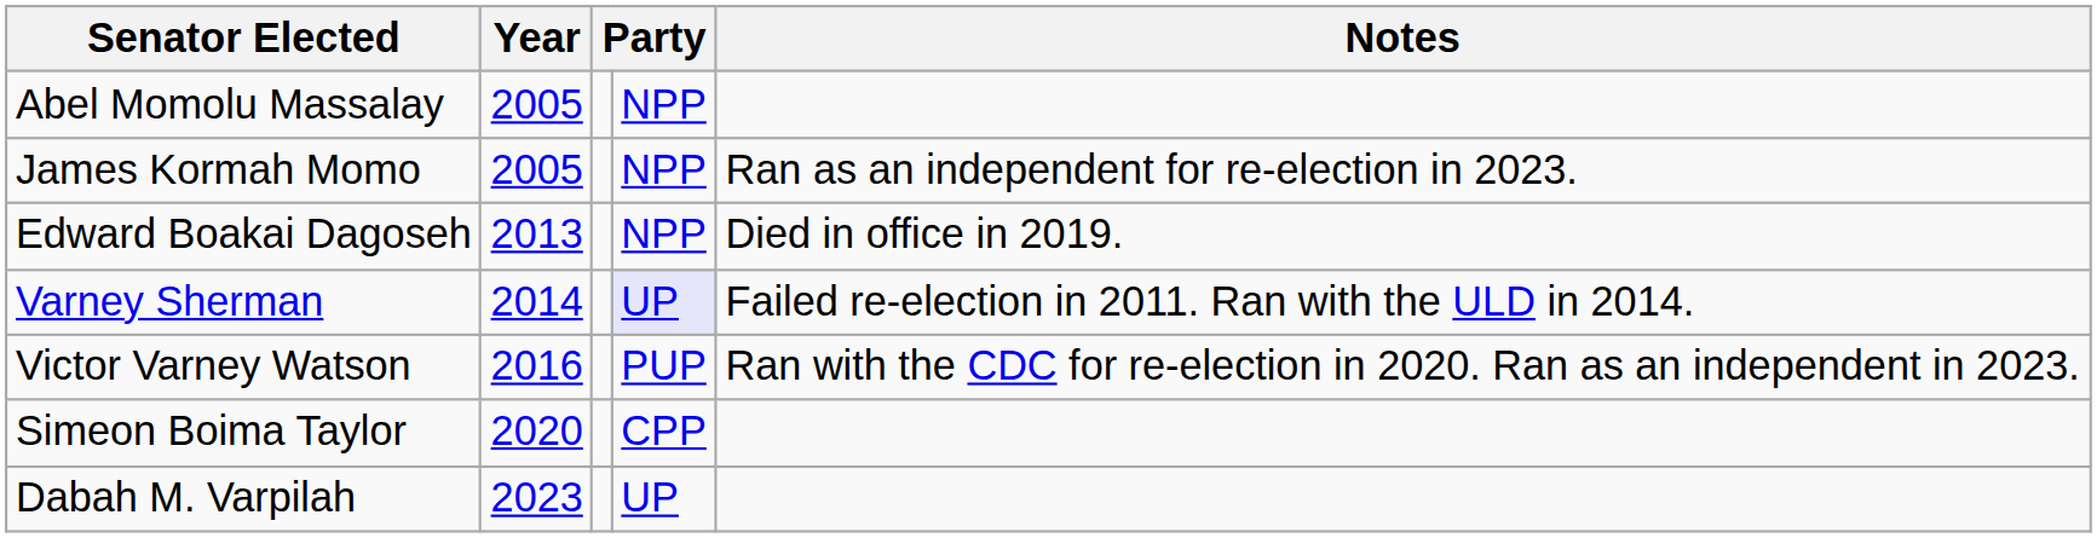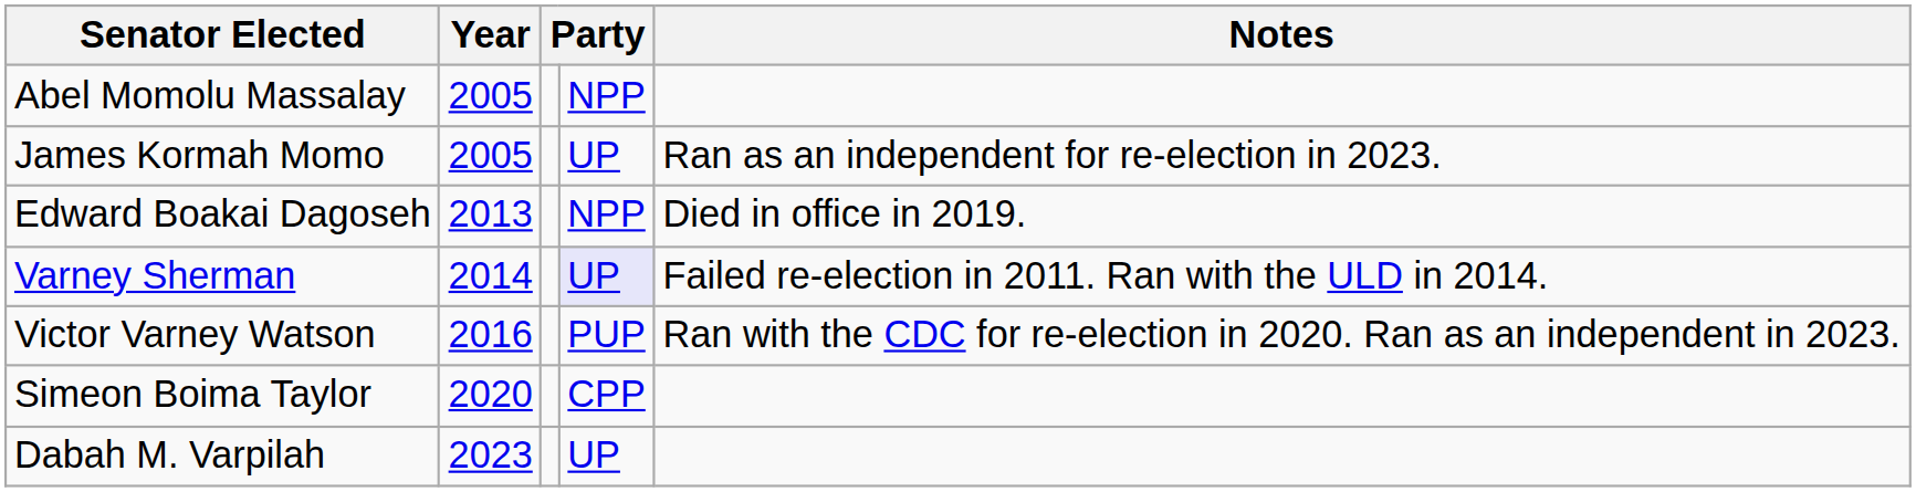 <table class="wikitable">
 <tr>
 <th>Senator Elected</th>
 <th>Year</th>
 <th colspan=2>Party</th>
 <th>Notes</th>
 </tr>
 <tr>
 <td>Abel Momolu Massalay</td>
 <td><a href='#'>2005</a></td>
 <td></td>
 <td><a href='#'>NPP</a></td>
 <td></td>
 </tr>
 <tr>
 <td>James Kormah Momo</td>
 <td><a href='#'>2005</a></td>
 <td></td>
-<td><a href='#'>NPP</a></td>
+<td><a href='#'>UP</a></td>
 <td>Ran as an independent for re-election in 2023.</td>
 </tr>
 <tr>
 <td>Edward Boakai Dagoseh</td>
 <td><a href='#'>2013</a></td>
 <td></td>
 <td><a href='#'>NPP</a></td>
 <td>Died in office in 2019.</td>
 </tr>
 <tr>
 <td><a href='#'>Varney Sherman</a></td>
 <td><a href='#'>2014</a></td>
 <td></td>
 <td style="background: lavender;"><a href='#'>UP</a></td>
 <td>Failed re-election in 2011. Ran with the <a href='#'>ULD</a> in 2014.</td>
 </tr>
 <tr>
 <td>Victor Varney Watson</td>
 <td><a href='#'>2016</a></td>
 <td></td>
 <td><a href='#'>PUP</a></td>
 <td>Ran with the <a href='#'>CDC</a> for re-election in 2020. Ran as an independent in 2023.</td>
 </tr>
 <tr>
 <td>Simeon Boima Taylor</td>
 <td><a href='#'>2020</a></td>
 <td></td>
 <td><a href='#'>CPP</a></td>
 <td></td>
 </tr>
 <tr>
 <td>Dabah M. Varpilah</td>
 <td><a href='#'>2023</a></td>
 <td></td>
 <td><a href='#'>UP</a></td>
 <td></td>
 </tr>
 </table>
